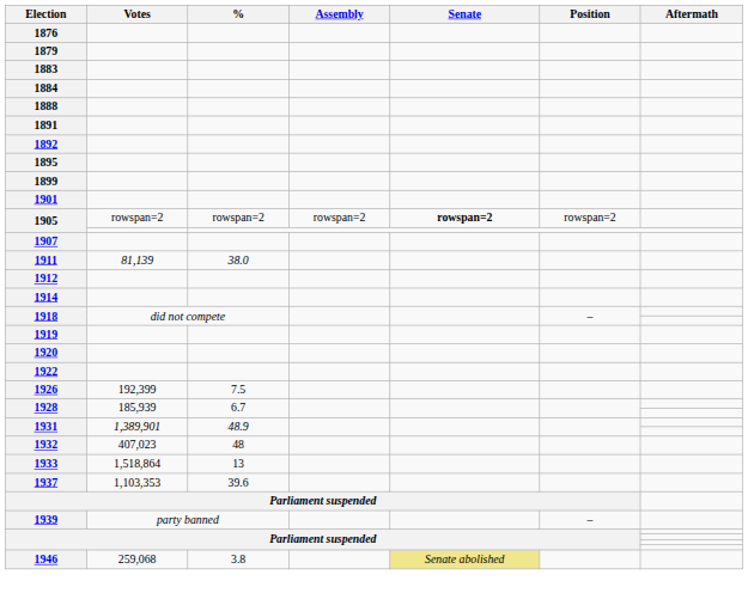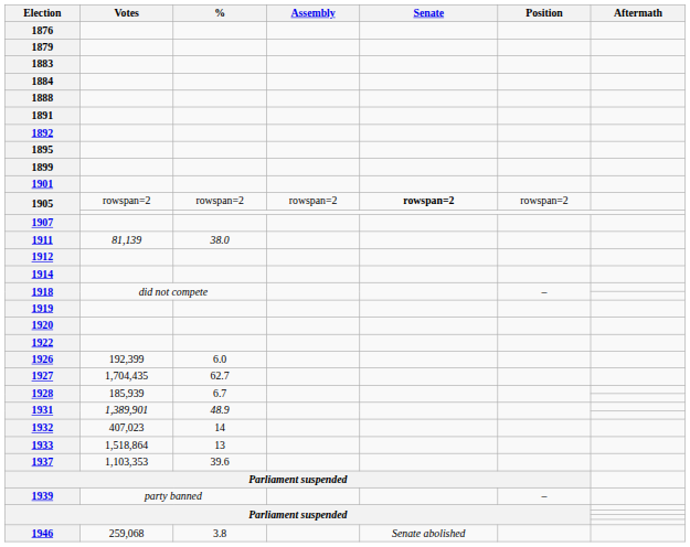 <table class=wikitable style="text-align: right;" width=80%>
 <tr>
 <th>Election</th>
 <th>Votes</th>
 <th>%</th>
 <th><a href='#'>Assembly</a></th>
 <th><a href='#'>Senate</a></th>
 <th>Position</th>
 <th>Aftermath</th>
 </tr>
 <tr style="text-align:center;">
 <th>1876</th>
 <td></td>
 <td></td>
 <td></td>
 <td></td>
 <td></td>
 <td></td>
 </tr>
 <tr style="text-align:center;">
 <th>1879</th>
 <td></td>
 <td></td>
 <td></td>
 <td></td>
 <td></td>
 <td></td>
 </tr>
 <tr style="text-align:center;">
 <th>1883</th>
 <td></td>
 <td></td>
 <td></td>
 <td></td>
 <td></td>
 <td></td>
 </tr>
 <tr style="text-align:center;">
 <th>1884</th>
 <td></td>
 <td></td>
 <td></td>
 <td></td>
 <td></td>
 <td></td>
 </tr>
 <tr style="text-align:center;">
 <th>1888</th>
 <td></td>
 <td></td>
 <td></td>
 <td></td>
 <td></td>
 <td></td>
 </tr>
 <tr style="text-align:center;">
 <th>1891</th>
 <td></td>
 <td></td>
 <td></td>
 <td></td>
 <td></td>
 <td></td>
 </tr>
 <tr style="text-align:center;">
 <th><a href='#'>1892</a></th>
 <td></td>
 <td></td>
 <td></td>
 <td></td>
 <td></td>
 <td></td>
 </tr>
 <tr style="text-align:center;">
 <th>1895</th>
 <td></td>
 <td></td>
 <td></td>
 <td></td>
 <td></td>
 <td></td>
 </tr>
 <tr style="text-align:center;">
 <th>1899</th>
 <td></td>
 <td></td>
 <td></td>
 <td></td>
 <td></td>
 <td></td>
 </tr>
 <tr style="text-align:center;">
 <th><a href='#'>1901</a></th>
 <td></td>
 <td></td>
 <td></td>
 <td></td>
 <td></td>
 <td></td>
 </tr>
 <tr style="text-align:center;">
 <th rowspan=2>1905</th>
 <td>rowspan=2 </td>
 <td>rowspan=2 </td>
 <td>rowspan=2 </td>
 <td><strong>rowspan=2 </strong></td>
 <td>rowspan=2 </td>
 <td></td>
 </tr>
 <tr>
 <td></td>
 </tr>
 <tr style="text-align:center;">
 <th><a href='#'>1907</a></th>
 <td></td>
 <td></td>
 <td></td>
 <td></td>
 <td></td>
 <td></td>
 </tr>
 <tr style="text-align:center;">
 <th><a href='#'>1911</a></th>
 <td><em>81,139</em></td>
 <td><em>38.0</em></td>
 <td></td>
 <td></td>
 <td></td>
 <td></td>
 </tr>
 <tr style="text-align:center;">
 <th><a href='#'>1912</a></th>
 <td></td>
 <td></td>
 <td></td>
 <td></td>
 <td></td>
 <td></td>
 </tr>
 <tr style="text-align:center;">
 <th><a href='#'>1914</a></th>
 <td></td>
 <td></td>
 <td></td>
 <td></td>
 <td></td>
 <td></td>
 </tr>
 <tr style="text-align:center;">
 <th rowspan=2><a href='#'>1918</a></th>
 <td rowspan=2; colspan=2; style="text-align: center;"><em>did not compete</em></td>
 <td rowspan=2></td>
 <td rowspan=2></td>
 <td rowspan=2>–</td>
 <td></td>
 </tr>
 <tr>
 <td></td>
 </tr>
 <tr style="text-align:center;">
 <th><a href='#'>1919</a></th>
 <td></td>
 <td></td>
 <td></td>
 <td></td>
 <td></td>
 <td></td>
 </tr>
 <tr style="text-align:center;">
 <th><a href='#'>1920</a></th>
 <td></td>
 <td></td>
 <td></td>
 <td></td>
 <td></td>
 <td></td>
 </tr>
 <tr style="text-align:center;">
 <th><a href='#'>1922</a></th>
 <td></td>
 <td></td>
 <td></td>
 <td></td>
 <td></td>
 <td></td>
 </tr>
 <tr style="text-align:center;">
 <th><a href='#'>1926</a></th>
 <td>192,399</td>
-<td>7.5</td>
+<td>6.0</td>
+<td></td>
+<td></td>
+<td></td>
+<td></td>
+</tr>
+<tr style="text-align:center;">
+<th><a href='#'>1927</a></th>
+<td>1,704,435</td>
+<td>62.7</td>
 <td></td>
 <td></td>
 <td></td>
 <td></td>
 </tr>
 <tr style="text-align:center;">
 <th rowspan=2><a href='#'>1928</a></th>
 <td rowspan=2>185,939</td>
 <td rowspan=2>6.7</td>
 <td rowspan=2></td>
 <td rowspan=2></td>
 <td rowspan=2></td>
 <td></td>
 </tr>
 <tr>
 <td></td>
 </tr>
 <tr style="text-align:center;">
 <th rowspan=2><a href='#'>1931</a></th>
 <td rowspan=2><em>1,389,901</em></td>
 <td rowspan=2><em>48.9</em></td>
 <td rowspan=2></td>
 <td rowspan=2></td>
 <td rowspan=2></td>
 <td></td>
 </tr>
 <tr>
 <td></td>
 </tr>
 <tr style="text-align:center;">
 <th><a href='#'>1932</a></th>
 <td>407,023</td>
-<td>48</td>
+<td>14</td>
 <td></td>
 <td></td>
 <td style="text-align: center;"></td>
 <td></td>
 </tr>
 <tr style="text-align:center;">
 <th><a href='#'>1933</a></th>
 <td>1,518,864</td>
 <td>13</td>
 <td></td>
 <td></td>
 <td></td>
 <td></td>
 </tr>
 <tr style="text-align:center;">
 <th><a href='#'>1937</a></th>
 <td>1,103,353</td>
 <td>39.6</td>
 <td></td>
 <td></td>
 <td style="text-align: center;"></td>
 <td></td>
 </tr>
 <tr style="text-align:center;">
 <th colspan=6; style="text-align: center;"><em>Parliament suspended</em></th>
 <td></td>
 </tr>
 <tr style="text-align:center;">
 <th><a href='#'>1939</a></th>
 <td colspan=2; style="text-align: center;"><em>party banned</em></td>
 <td></td>
 <td></td>
 <td>–</td>
 <td></td>
 </tr>
 <tr style="text-align:center;">
 <th rowspan=4; colspan=6; style="text-align: center;"><em>Parliament suspended</em></th>
 <td></td>
 </tr>
 <tr>
 <td></td>
 </tr>
 <tr>
 <td></td>
 </tr>
 <tr>
 <td></td>
 </tr>
 <tr style="text-align:center;">
 <th><a href='#'>1946</a></th>
 <td>259,068</td>
 <td>3.8</td>
 <td></td>
-<td style="background: khaki;"><em>Senate abolished</em></td>
+<td><em>Senate abolished</em></td>
 <td style="text-align: center;"></td>
 <td></td>
 </tr>
 </table>
